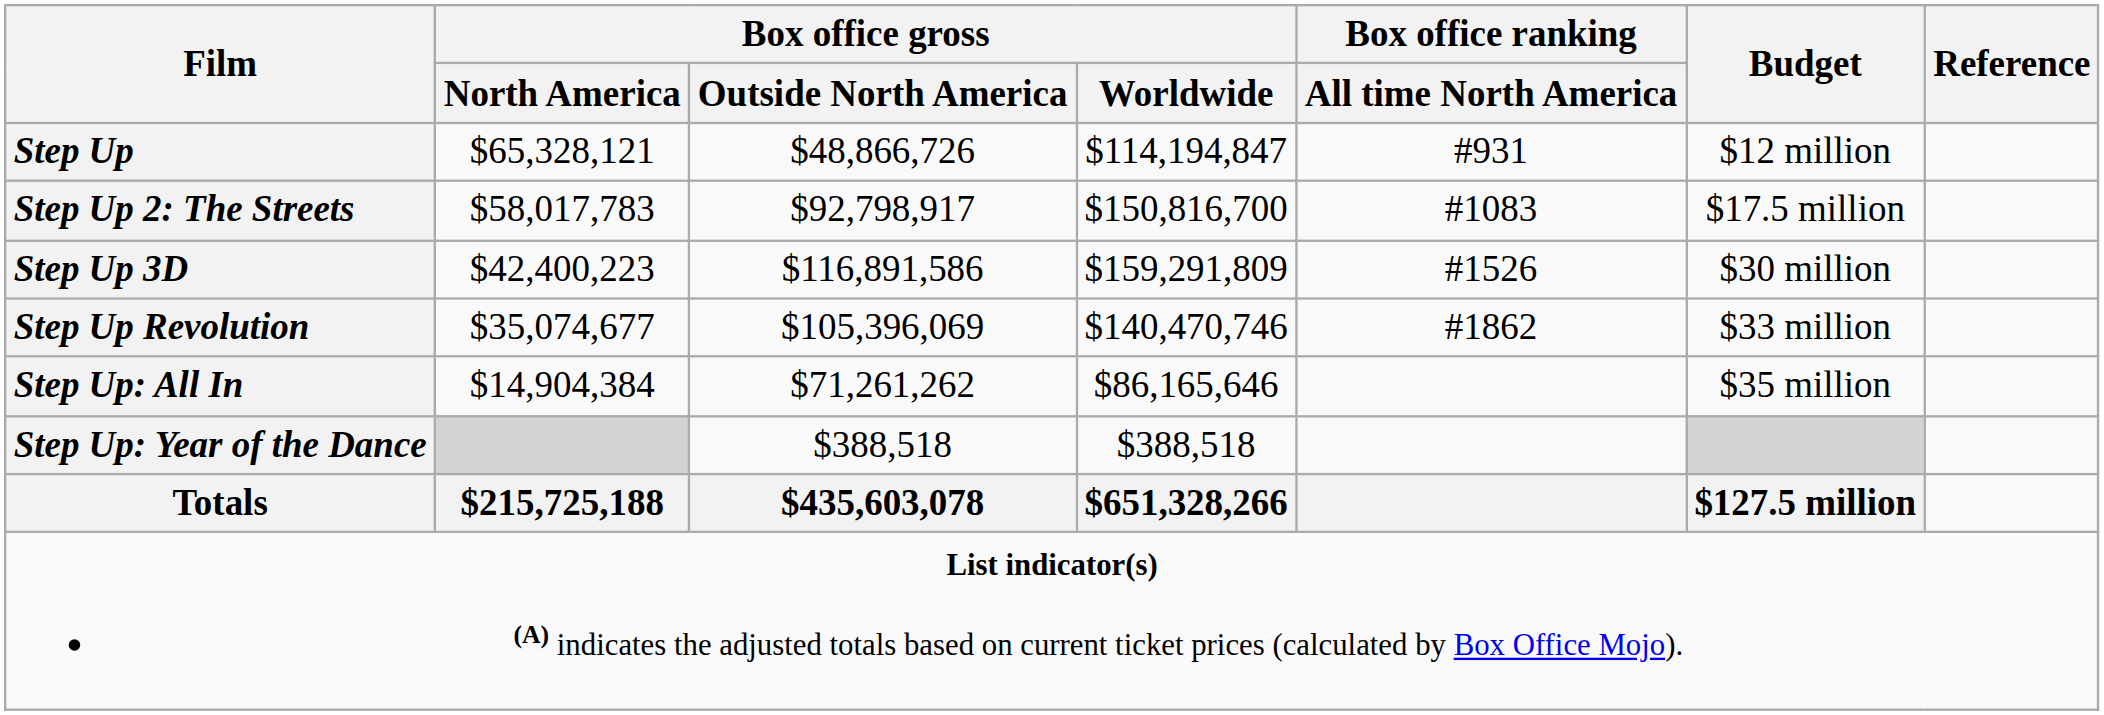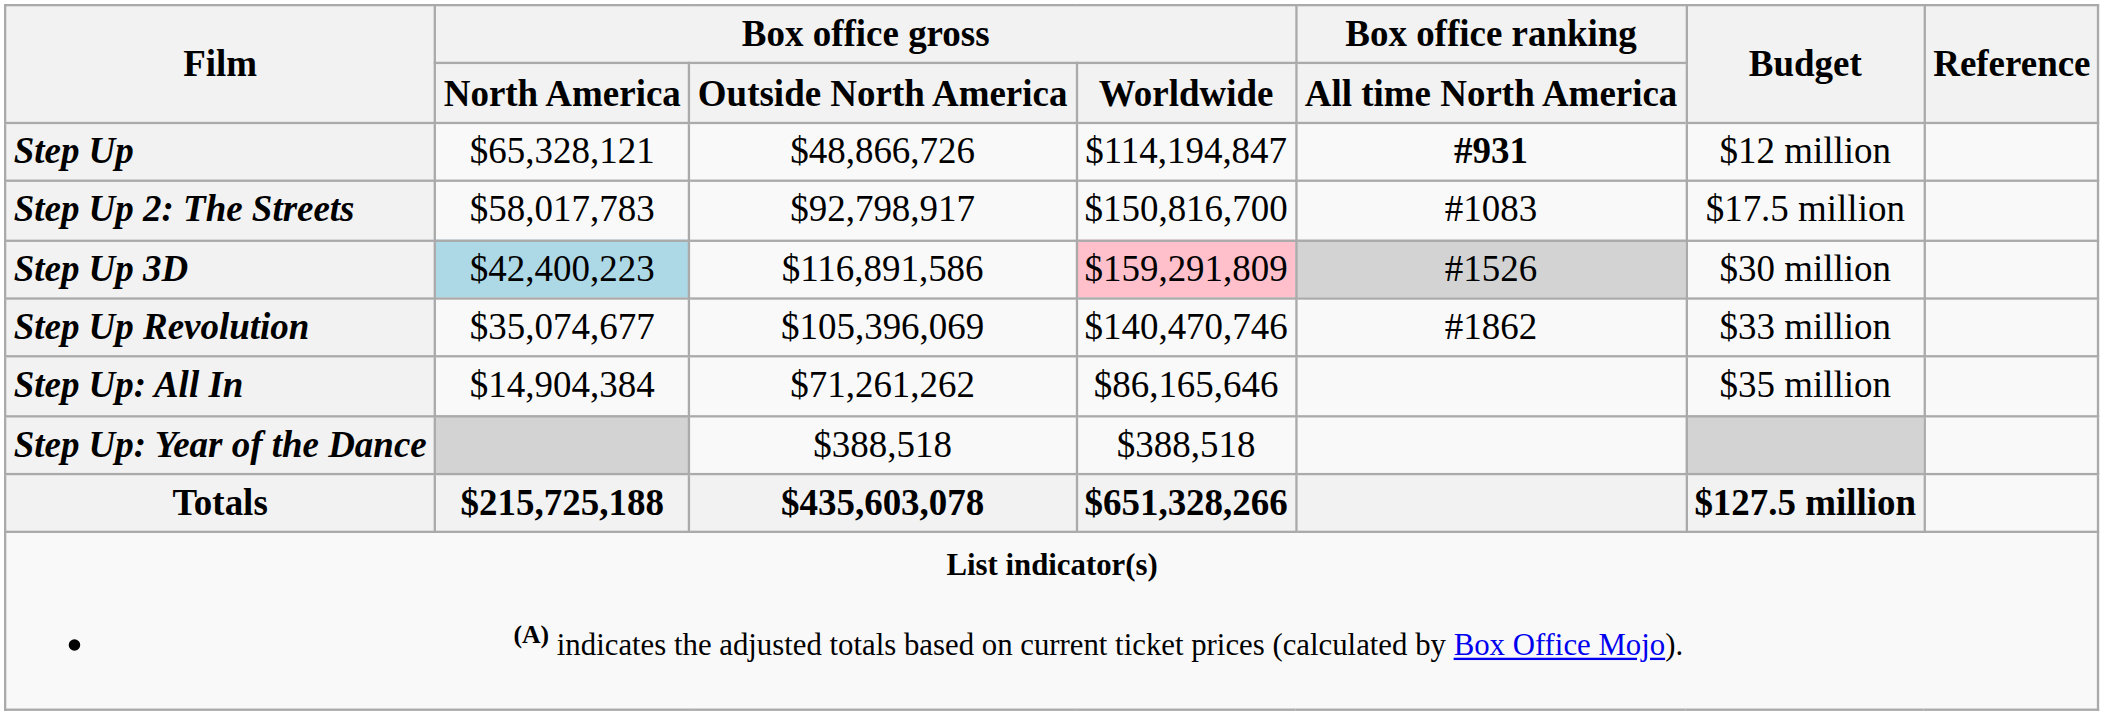 <table class="wikitable plainrowheaders" style="text-align:center;">
 <tr>
 <th scope="col" rowspan="2" >Film</th>
 <th scope="col" colspan="3">Box office gross</th>
 <th scope="col">Box office ranking</th>
 <th scope="col" rowspan="2">Budget</th>
 <th scope="col" rowspan="2">Reference</th>
 </tr>
 <tr>
 <th>North America</th>
 <th>Outside North America</th>
 <th>Worldwide</th>
 <th>All time North America</th>
 </tr>
 <tr>
 <th scope="row" style="text-align:left"><em>Step Up</em></th>
 <td>$65,328,121</td>
 <td>$48,866,726</td>
 <td>$114,194,847</td>
-<td>#931</td>
+<td><strong>#931</strong></td>
 <td>$12 million</td>
 <td></td>
 </tr>
 <tr>
 <th scope="row" style="text-align:left"><em>Step Up 2: The Streets</em></th>
 <td>$58,017,783</td>
 <td>$92,798,917</td>
 <td>$150,816,700</td>
 <td>#1083</td>
 <td>$17.5 million</td>
 <td></td>
 </tr>
 <tr>
 <th scope="row" style="text-align:left"><em>Step Up 3D</em></th>
-<td>$42,400,223</td>
+<td style="background: lightblue;">$42,400,223</td>
 <td>$116,891,586</td>
-<td>$159,291,809</td>
-<td>#1526</td>
+<td style="background: pink;">$159,291,809</td>
+<td style="background: lightgrey;">#1526</td>
 <td>$30 million</td>
 <td></td>
 </tr>
 <tr>
 <th scope="row" style="text-align:left"><em>Step Up Revolution</em></th>
 <td>$35,074,677</td>
 <td>$105,396,069</td>
 <td>$140,470,746</td>
 <td>#1862</td>
 <td>$33 million</td>
 <td></td>
 </tr>
 <tr>
 <th scope="row" style="text-align:left"><em>Step Up: All In</em></th>
 <td>$14,904,384</td>
 <td>$71,261,262</td>
 <td>$86,165,646</td>
 <td></td>
 <td>$35 million</td>
 <td></td>
 </tr>
 <tr>
 <th scope="row" style="text-align:left"><em>Step Up: Year of the Dance</em></th>
 <td style="background:lightgrey;"></td>
 <td>$388,518</td>
 <td>$388,518</td>
 <td></td>
 <td style="background:lightgrey;"></td>
 <td></td>
 </tr>
 <tr>
 <th colspan="1">Totals</th>
 <th>$215,725,188</th>
 <th>$435,603,078</th>
 <th>$651,328,266</th>
 <th></th>
 <th>$127.5 million</th>
 <td></td>
 </tr>
 <tr>
 <td colspan="9"><small><strong>List indicator(s)</strong></small><br><ul><li><small><sup><strong>(A)</strong></sup> indicates the adjusted totals based on current ticket prices (calculated by <a href='#'>Box Office Mojo</a>).</small></li></ul></td>
 </tr>
 </table>
